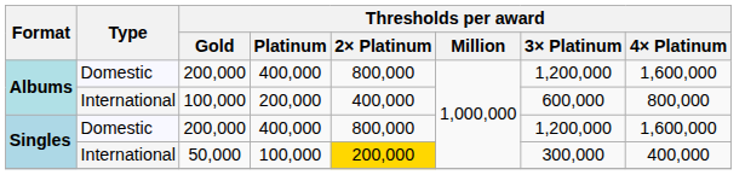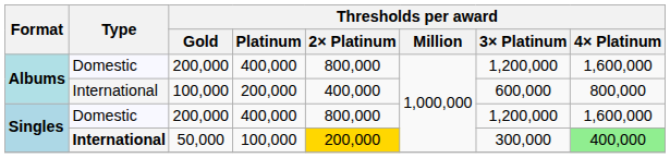 <table class=wikitable>
 <tr>
 <th rowspan="2">Format</th>
 <th rowspan="2">Type</th>
 <th colspan="7">Thresholds per award</th>
 </tr>
 <tr>
 <th>Gold</th>
 <th>Platinum</th>
 <th>2× Platinum</th>
 <th>Million</th>
 <th>3× Platinum</th>
 <th>4× Platinum</th>
 </tr>
 <tr>
 <td bgcolor="#B0E0E6" rowspan="2"><strong>Albums</strong></td>
 <td bgcolor="F8F8FF">Domestic</td>
 <td align="center">200,000</td>
 <td align="center">400,000</td>
 <td align="center">800,000</td>
 <td align="center" rowspan="4">1,000,000</td>
 <td align="center">1,200,000</td>
 <td align="center">1,600,000</td>
 </tr>
 <tr>
 <td bgcolor="F5F5F5">International</td>
 <td align="center">100,000</td>
 <td align="center">200,000</td>
 <td align="center">400,000</td>
 <td align="center">600,000</td>
 <td align="center">800,000</td>
 </tr>
 <tr>
 <td bgcolor="#ADD8E6" rowspan="2"><strong>Singles</strong></td>
 <td bgcolor="F8F8FF">Domestic</td>
 <td align="center">200,000</td>
 <td align="center">400,000</td>
 <td align="center">800,000</td>
 <td align="center">1,200,000</td>
 <td align="center">1,600,000</td>
 </tr>
 <tr>
-<td bgcolor="F5F5F5">International</td>
+<td bgcolor="F5F5F5"><strong>International</strong></td>
 <td align="center">50,000</td>
 <td align="center">100,000</td>
 <td align="center" style="background: gold;">200,000</td>
 <td align="center">300,000</td>
-<td align="center">400,000</td>
+<td align="center" style="background: lightgreen;">400,000</td>
 </tr>
 <tr>
 </tr>
 </table>
